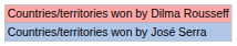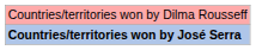 <table class="wikitable">
 <tr style="background-color: #ffaaaa">
 <td>Countries/territories won by Dilma Rousseff</td>
 </tr>
 <tr style="background-color: #afc6e9">
-<td>Countries/territories won by José Serra</td>
+<td><strong>Countries/territories won by José Serra</strong></td>
 </tr>
 </table>
